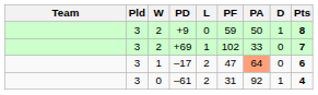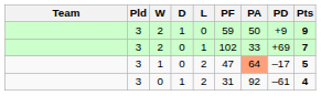 <table class="wikitable" style="text-align:center;">
 <tr>
 <th width=175>Team</th>
 <th width=25 abbr="Played">Pld</th>
 <th width=25 abbr="Won">W</th>
-<th width=32 abbr="Points difference">PD</th>
+<th width=25 abbr="Drawn">D</th>
 <th width=25 abbr="Lost">L</th>
 <th width=32 abbr="Points for">PF</th>
 <th width=32 abbr="Points against">PA</th>
-<th width=25 abbr="Drawn">D</th>
+<th width=32 abbr="Points difference">PD</th>
 <th width=25 abbr="Points">Pts</th>
 </tr>
 <tr bgcolor="#ccffcc">
 <td align=left></td>
 <td>3</td>
 <td>2</td>
-<td>+9</td>
+<td>1</td>
 <td>0</td>
 <td>59</td>
 <td>50</td>
-<td>1</td>
-<td><strong>8</strong></td>
+<td>+9</td>
+<td><strong>9</strong></td>
 </tr>
 <tr bgcolor="#ccffcc">
 <td align=left></td>
 <td>3</td>
 <td>2</td>
-<td>+69</td>
+<td>0</td>
 <td>1</td>
 <td>102</td>
 <td>33</td>
-<td>0</td>
+<td>+69</td>
 <td><strong>7</strong></td>
 </tr>
 <tr>
 <td align=left></td>
 <td>3</td>
 <td>1</td>
-<td>–17</td>
+<td>0</td>
 <td>2</td>
 <td>47</td>
 <td style="background: lightsalmon;">64</td>
-<td>0</td>
-<td><strong>6</strong></td>
+<td>–17</td>
+<td><strong>5</strong></td>
 </tr>
 <tr>
 <td align=left></td>
 <td>3</td>
 <td>0</td>
-<td>–61</td>
+<td>1</td>
 <td>2</td>
 <td>31</td>
 <td>92</td>
-<td>1</td>
+<td>–61</td>
 <td><strong>4</strong></td>
 </tr>
 </table>
